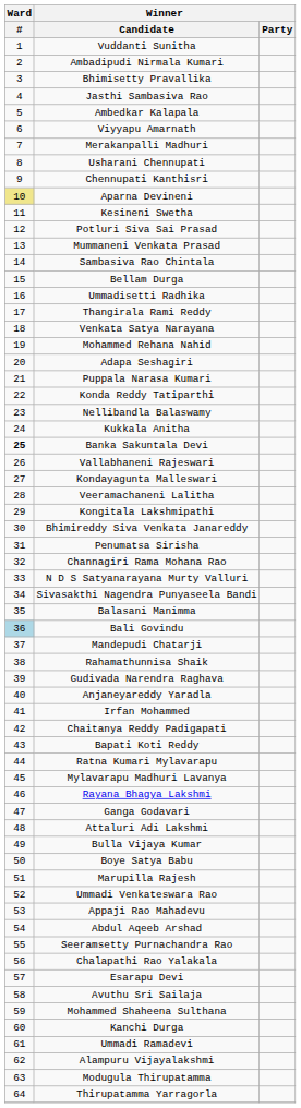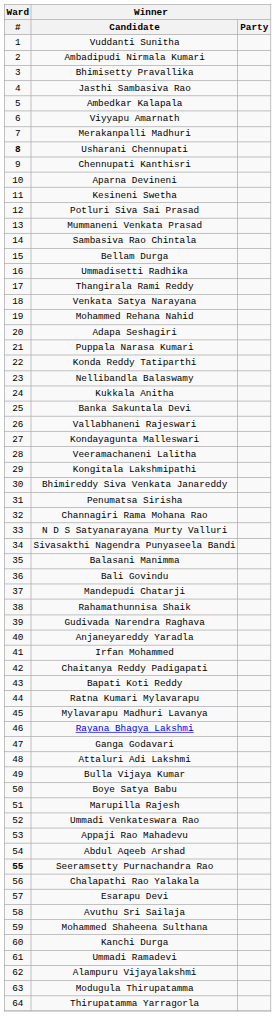 <table class="wikitable sortable" style="text-align:center;">
 <tr>
 <th>Ward</th>
 <th colspan="3">Winner</th>
 </tr>
 <tr>
 <th>#</th>
 <th>Candidate</th>
 <th colspan="2">Party</th>
 </tr>
 <tr>
 <td>1</td>
 <td>Vuddanti Sunitha</td>
 <td></td>
 </tr>
 <tr>
 <td>2</td>
 <td>Ambadipudi Nirmala Kumari</td>
 <td></td>
 </tr>
 <tr>
 <td>3</td>
 <td>Bhimisetty Pravallika</td>
 <td></td>
 </tr>
 <tr>
 <td>4</td>
 <td>Jasthi Sambasiva Rao</td>
 <td></td>
 </tr>
 <tr>
 <td>5</td>
 <td>Ambedkar Kalapala</td>
 <td></td>
 </tr>
 <tr>
 <td>6</td>
 <td>Viyyapu Amarnath</td>
 <td></td>
 </tr>
 <tr>
 <td>7</td>
 <td>Merakanpalli Madhuri</td>
 <td></td>
 </tr>
 <tr>
-<td>8</td>
+<td><strong>8</strong></td>
 <td>Usharani Chennupati</td>
 <td></td>
 </tr>
 <tr>
 <td>9</td>
 <td>Chennupati Kanthisri</td>
 <td></td>
 </tr>
 <tr>
-<td style="background: khaki;">10</td>
+<td>10</td>
 <td>Aparna Devineni</td>
 <td></td>
 </tr>
 <tr>
 <td>11</td>
 <td>Kesineni Swetha</td>
 <td></td>
 </tr>
 <tr>
 <td>12</td>
 <td>Potluri Siva Sai Prasad</td>
 <td></td>
 </tr>
 <tr>
 <td>13</td>
 <td>Mummaneni Venkata Prasad</td>
 <td></td>
 </tr>
 <tr>
 <td>14</td>
 <td>Sambasiva Rao Chintala</td>
 <td></td>
 </tr>
 <tr>
 <td>15</td>
 <td>Bellam Durga</td>
 <td></td>
 </tr>
 <tr>
 <td>16</td>
 <td>Ummadisetti Radhika</td>
 <td></td>
 </tr>
 <tr>
 <td>17</td>
 <td>Thangirala Rami Reddy</td>
 <td></td>
 </tr>
 <tr>
 <td>18</td>
 <td>Venkata Satya Narayana</td>
 <td></td>
 </tr>
 <tr>
 <td>19</td>
 <td>Mohammed Rehana Nahid</td>
 <td></td>
 </tr>
 <tr>
 <td>20</td>
 <td>Adapa Seshagiri</td>
 <td></td>
 </tr>
 <tr>
 <td>21</td>
 <td>Puppala Narasa Kumari</td>
 <td></td>
 </tr>
 <tr>
 <td>22</td>
 <td>Konda Reddy Tatiparthi</td>
 <td></td>
 </tr>
 <tr>
 <td>23</td>
 <td>Nellibandla Balaswamy</td>
 <td></td>
 </tr>
 <tr>
 <td>24</td>
 <td>Kukkala Anitha</td>
 <td></td>
 </tr>
 <tr>
-<td><strong>25</strong></td>
+<td>25</td>
 <td>Banka Sakuntala Devi</td>
 <td></td>
 </tr>
 <tr>
 <td>26</td>
 <td>Vallabhaneni Rajeswari</td>
 <td></td>
 </tr>
 <tr>
 <td>27</td>
 <td>Kondayagunta Malleswari</td>
 <td></td>
 </tr>
 <tr>
 <td>28</td>
 <td>Veeramachaneni Lalitha</td>
 <td></td>
 </tr>
 <tr>
 <td>29</td>
 <td>Kongitala Lakshmipathi</td>
 <td></td>
 </tr>
 <tr>
 <td>30</td>
 <td>Bhimireddy Siva Venkata Janareddy</td>
 <td></td>
 </tr>
 <tr>
 <td>31</td>
 <td>Penumatsa Sirisha</td>
 <td></td>
 </tr>
 <tr>
 <td>32</td>
 <td>Channagiri Rama Mohana Rao</td>
 <td></td>
 </tr>
 <tr>
 <td>33</td>
 <td>N D S Satyanarayana Murty Valluri</td>
 <td></td>
 </tr>
 <tr>
 <td>34</td>
 <td>Sivasakthi Nagendra Punyaseela Bandi</td>
 <td></td>
 </tr>
 <tr>
 <td>35</td>
 <td>Balasani Manimma</td>
 <td></td>
 </tr>
 <tr>
-<td style="background: lightblue;">36</td>
+<td>36</td>
 <td>Bali Govindu</td>
 <td></td>
 </tr>
 <tr>
 <td>37</td>
 <td>Mandepudi Chatarji</td>
 <td></td>
 </tr>
 <tr>
 <td>38</td>
 <td>Rahamathunnisa Shaik</td>
 <td></td>
 </tr>
 <tr>
 <td>39</td>
 <td>Gudivada Narendra Raghava</td>
 <td></td>
 </tr>
 <tr>
 <td>40</td>
 <td>Anjaneyareddy Yaradla</td>
 <td></td>
 </tr>
 <tr>
 <td>41</td>
 <td>Irfan Mohammed</td>
 <td></td>
 </tr>
 <tr>
 <td>42</td>
 <td>Chaitanya Reddy Padigapati</td>
 <td></td>
 </tr>
 <tr>
 <td>43</td>
 <td>Bapati Koti Reddy</td>
 <td></td>
 </tr>
 <tr>
 <td>44</td>
 <td>Ratna Kumari Mylavarapu</td>
 <td></td>
 </tr>
 <tr>
 <td>45</td>
 <td>Mylavarapu Madhuri Lavanya</td>
 <td></td>
 </tr>
 <tr>
 <td>46</td>
 <td><a href='#'>Rayana Bhagya Lakshmi</a></td>
 <td></td>
 </tr>
 <tr>
 <td>47</td>
 <td>Ganga Godavari</td>
 <td></td>
 </tr>
 <tr>
 <td>48</td>
 <td>Attaluri Adi Lakshmi</td>
 <td></td>
 </tr>
 <tr>
 <td>49</td>
 <td>Bulla Vijaya Kumar</td>
 <td></td>
 </tr>
 <tr>
 <td>50</td>
 <td>Boye Satya Babu</td>
 <td></td>
 </tr>
 <tr>
 <td>51</td>
 <td>Marupilla Rajesh</td>
 <td></td>
 </tr>
 <tr>
 <td>52</td>
 <td>Ummadi Venkateswara Rao</td>
 <td></td>
 </tr>
 <tr>
 <td>53</td>
 <td>Appaji Rao Mahadevu</td>
 <td></td>
 </tr>
 <tr>
 <td>54</td>
 <td>Abdul Aqeeb Arshad</td>
 <td></td>
 </tr>
 <tr>
-<td>55</td>
+<td><strong>55</strong></td>
 <td>Seeramsetty Purnachandra Rao</td>
 <td></td>
 </tr>
 <tr>
 <td>56</td>
 <td>Chalapathi Rao Yalakala</td>
 <td></td>
 </tr>
 <tr>
 <td>57</td>
 <td>Esarapu Devi</td>
 <td></td>
 </tr>
 <tr>
 <td>58</td>
 <td>Avuthu Sri Sailaja</td>
 <td></td>
 </tr>
 <tr>
 <td>59</td>
 <td>Mohammed Shaheena Sulthana</td>
 <td></td>
 </tr>
 <tr>
 <td>60</td>
 <td>Kanchi Durga</td>
 <td></td>
 </tr>
 <tr>
 <td>61</td>
 <td>Ummadi Ramadevi</td>
 <td></td>
 </tr>
 <tr>
 <td>62</td>
 <td>Alampuru Vijayalakshmi</td>
 <td></td>
 </tr>
 <tr>
 <td>63</td>
 <td>Modugula Thirupatamma</td>
 <td></td>
 </tr>
 <tr>
 <td>64</td>
 <td>Thirupatamma Yarragorla</td>
 <td></td>
 </tr>
 <tr>
 </tr>
 </table>
